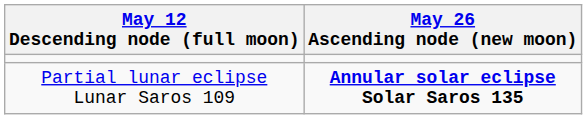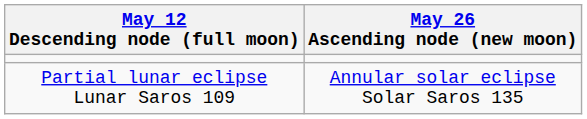 <table class="wikitable">
 <tr>
 <th><a href='#'>May 12</a><br>Descending node (full moon)<br></th>
 <th><a href='#'>May 26</a><br>Ascending node (new moon)<br></th>
 </tr>
 <tr>
 <td></td>
 <td></td>
 </tr>
 <tr align=center>
 <td><a href='#'>Partial lunar eclipse</a><br>Lunar Saros 109</td>
-<td><strong><a href='#'>Annular solar eclipse</a><br>Solar Saros 135</strong></td>
+<td><a href='#'>Annular solar eclipse</a><br>Solar Saros 135</td>
 </tr>
 </table>
